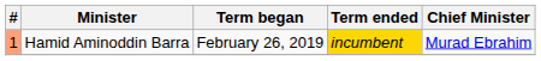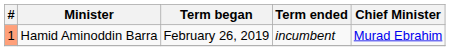 <table class="wikitable">
 <tr>
 <th>#</th>
 <th>Minister</th>
 <th>Term began</th>
 <th>Term ended</th>
 <th>Chief Minister</th>
 </tr>
 <tr>
 <td style="background: lightsalmon;">1</td>
 <td>Hamid Aminoddin Barra</td>
 <td>February 26, 2019</td>
-<td style="background: gold;"><em>incumbent</em></td>
+<td><em>incumbent</em></td>
 <td><a href='#'>Murad Ebrahim</a></td>
 </tr>
 <tr>
 </tr>
 </table>
